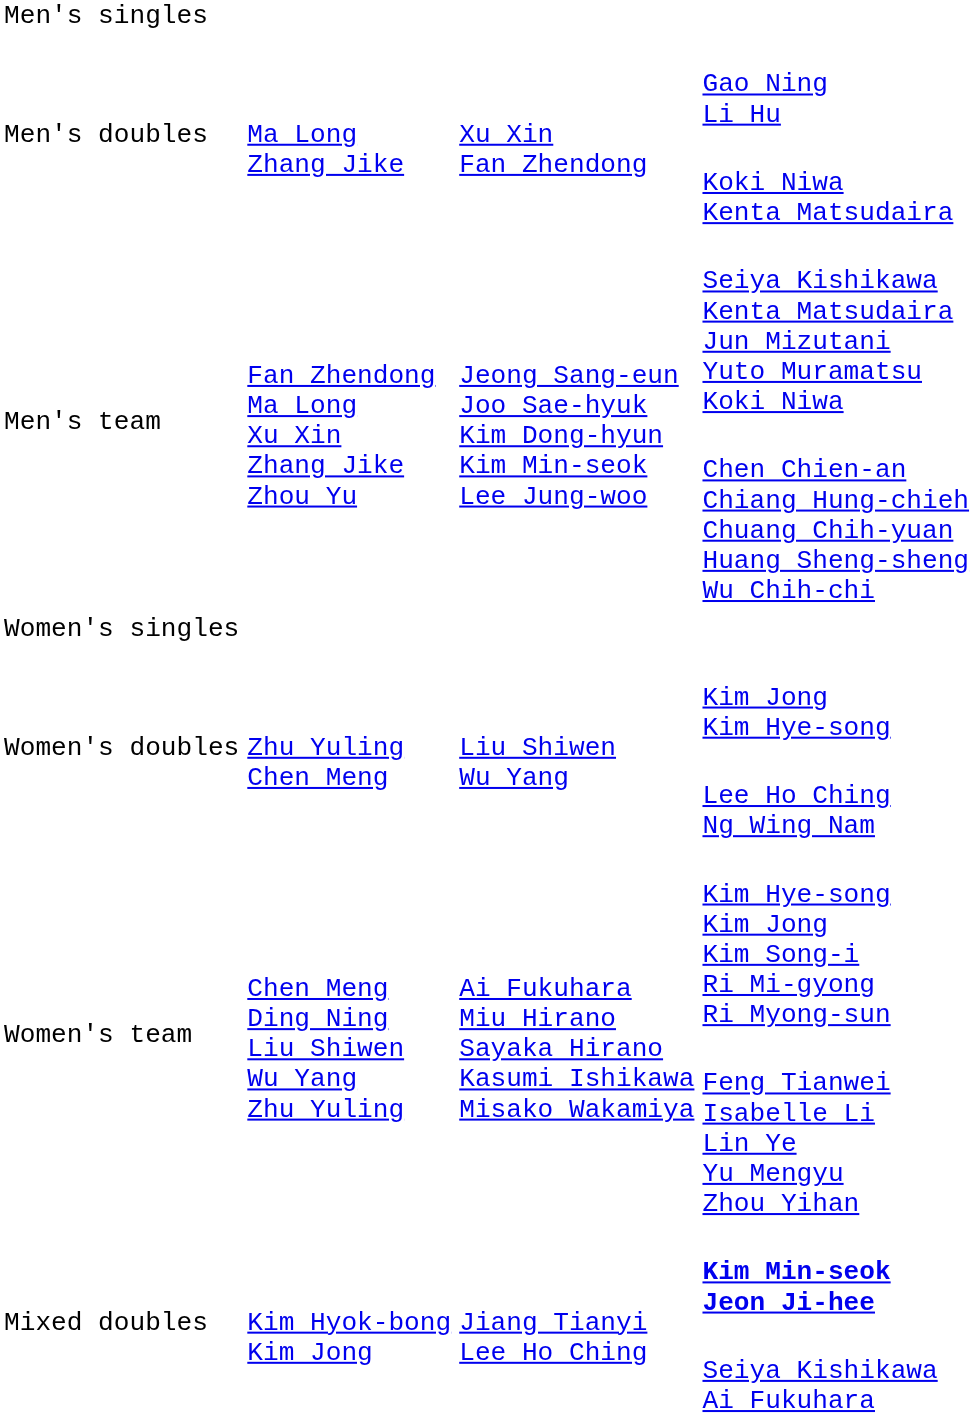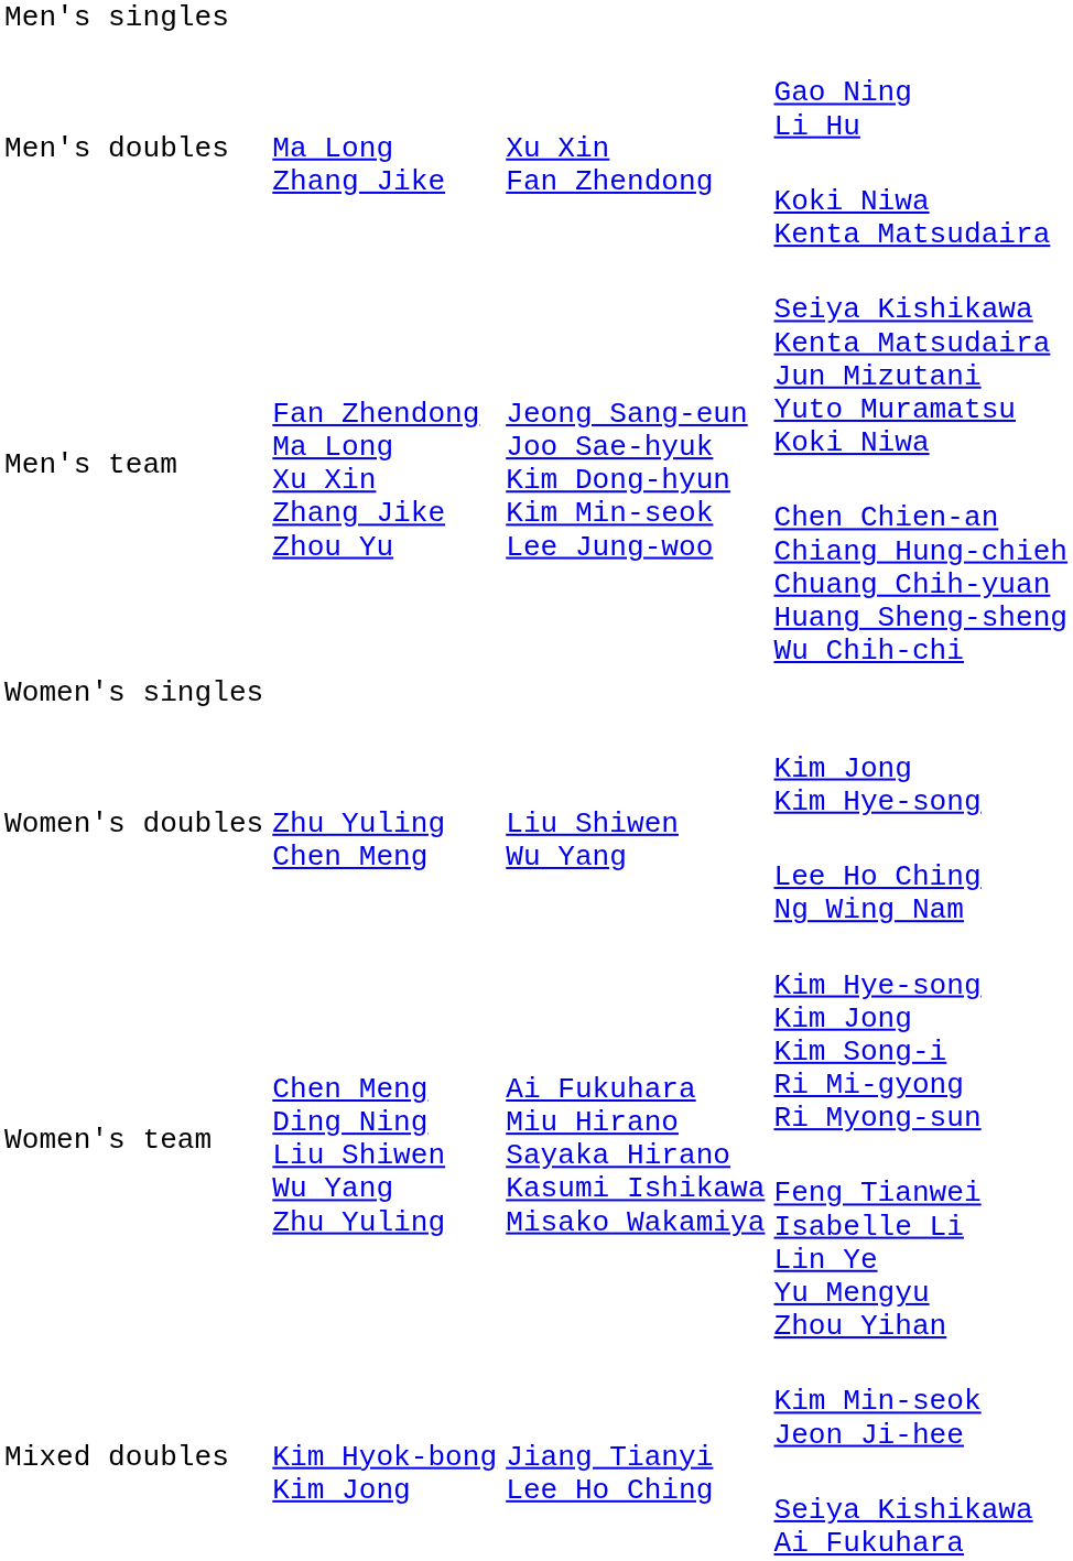 <table>
 <tr>
 <td rowspan=2>Men's singles<br></td>
 <td rowspan=2></td>
 <td rowspan=2></td>
 <td></td>
 </tr>
 <tr>
 <td></td>
 </tr>
 <tr>
 <td rowspan=2>Men's doubles<br></td>
 <td rowspan=2><br><a href='#'>Ma Long</a><br><a href='#'>Zhang Jike</a></td>
 <td rowspan=2><br><a href='#'>Xu Xin</a><br><a href='#'>Fan Zhendong</a></td>
 <td><br><a href='#'>Gao Ning</a><br><a href='#'>Li Hu</a></td>
 </tr>
 <tr>
 <td><br><a href='#'>Koki Niwa</a><br><a href='#'>Kenta Matsudaira</a></td>
 </tr>
 <tr>
 <td rowspan=2>Men's team<br></td>
 <td rowspan=2><br><a href='#'>Fan Zhendong</a><br><a href='#'>Ma Long</a><br><a href='#'>Xu Xin</a><br><a href='#'>Zhang Jike</a><br><a href='#'>Zhou Yu</a></td>
 <td rowspan=2><br><a href='#'>Jeong Sang-eun</a><br><a href='#'>Joo Sae-hyuk</a><br><a href='#'>Kim Dong-hyun</a><br><a href='#'>Kim Min-seok</a><br><a href='#'>Lee Jung-woo</a></td>
 <td><br><a href='#'>Seiya Kishikawa</a><br><a href='#'>Kenta Matsudaira</a><br><a href='#'>Jun Mizutani</a><br><a href='#'>Yuto Muramatsu</a><br><a href='#'>Koki Niwa</a></td>
 </tr>
 <tr>
 <td><br><a href='#'>Chen Chien-an</a><br><a href='#'>Chiang Hung-chieh</a><br><a href='#'>Chuang Chih-yuan</a><br><a href='#'>Huang Sheng-sheng</a><br><a href='#'>Wu Chih-chi</a></td>
 </tr>
 <tr>
 <td rowspan=2>Women's singles<br></td>
 <td rowspan=2></td>
 <td rowspan=2></td>
 <td></td>
 </tr>
 <tr>
 <td></td>
 </tr>
 <tr>
 <td rowspan=2>Women's doubles<br></td>
 <td rowspan=2><br><a href='#'>Zhu Yuling</a><br><a href='#'>Chen Meng</a></td>
 <td rowspan=2><br><a href='#'>Liu Shiwen</a><br><a href='#'>Wu Yang</a></td>
 <td><br><a href='#'>Kim Jong</a><br><a href='#'>Kim Hye-song</a></td>
 </tr>
 <tr>
 <td><br><a href='#'>Lee Ho Ching</a><br><a href='#'>Ng Wing Nam</a></td>
 </tr>
 <tr>
 <td rowspan=2>Women's team<br></td>
 <td rowspan=2><br><a href='#'>Chen Meng</a><br><a href='#'>Ding Ning</a><br><a href='#'>Liu Shiwen</a><br><a href='#'>Wu Yang</a><br><a href='#'>Zhu Yuling</a></td>
 <td rowspan=2><br><a href='#'>Ai Fukuhara</a><br><a href='#'>Miu Hirano</a><br><a href='#'>Sayaka Hirano</a><br><a href='#'>Kasumi Ishikawa</a><br><a href='#'>Misako Wakamiya</a></td>
 <td><br><a href='#'>Kim Hye-song</a><br><a href='#'>Kim Jong</a><br><a href='#'>Kim Song-i</a><br><a href='#'>Ri Mi-gyong</a><br><a href='#'>Ri Myong-sun</a></td>
 </tr>
 <tr>
 <td><br><a href='#'>Feng Tianwei</a><br><a href='#'>Isabelle Li</a><br><a href='#'>Lin Ye</a><br><a href='#'>Yu Mengyu</a><br><a href='#'>Zhou Yihan</a></td>
 </tr>
 <tr>
 <td rowspan=2>Mixed doubles<br></td>
 <td rowspan=2><br><a href='#'>Kim Hyok-bong</a><br><a href='#'>Kim Jong</a></td>
 <td rowspan=2><br><a href='#'>Jiang Tianyi</a><br><a href='#'>Lee Ho Ching</a></td>
-<td><strong><br><a href='#'>Kim Min-seok</a><br><a href='#'>Jeon Ji-hee</a></strong></td>
+<td><br><a href='#'>Kim Min-seok</a><br><a href='#'>Jeon Ji-hee</a></td>
 </tr>
 <tr>
 <td><br><a href='#'>Seiya Kishikawa</a><br><a href='#'>Ai Fukuhara</a></td>
 </tr>
 </table>
